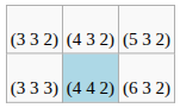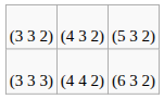 <table class="wikitable" align=right>
 <tr>
 <td><br>(3 3 2)</td>
 <td><br>(4 3 2)</td>
 <td><br>(5 3 2)</td>
 </tr>
 <tr>
 <td><br>(3 3 3)</td>
-<td style="background: lightblue;"><br>(4 4 2)</td>
+<td><br>(4 4 2)</td>
 <td><br>(6 3 2)</td>
 </tr>
 </table>
